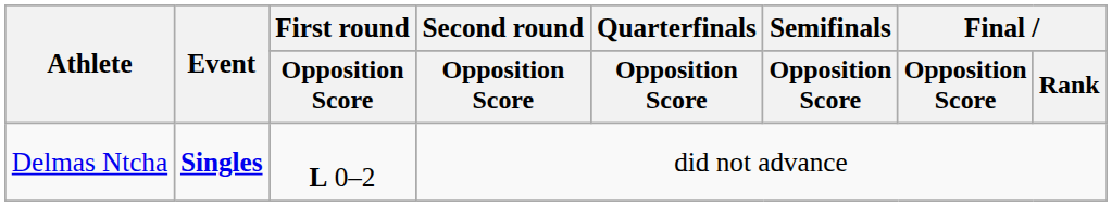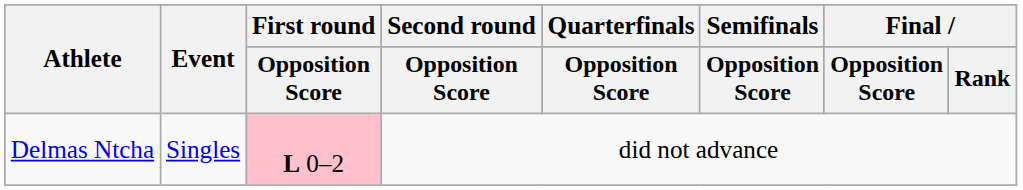 <table class=wikitable style="font-size:90%">
 <tr>
 <th rowspan="2">Athlete</th>
 <th rowspan="2">Event</th>
 <th>First round</th>
 <th>Second round</th>
 <th>Quarterfinals</th>
 <th>Semifinals</th>
 <th colspan=2>Final / </th>
 </tr>
 <tr style="font-size:95%">
 <th>Opposition<br>Score</th>
 <th>Opposition<br>Score</th>
 <th>Opposition<br>Score</th>
 <th>Opposition<br>Score</th>
 <th>Opposition<br>Score</th>
 <th>Rank</th>
 </tr>
 <tr align=center>
 <td align=left><a href='#'>Delmas Ntcha</a></td>
-<td align=left><strong><a href='#'>Singles</a></strong></td>
-<td><br> <strong>L</strong> 0–2</td>
+<td align=left><a href='#'>Singles</a></td>
+<td style="background: pink;"><br> <strong>L</strong> 0–2</td>
 <td colspan=5>did not advance</td>
 </tr>
 </table>
